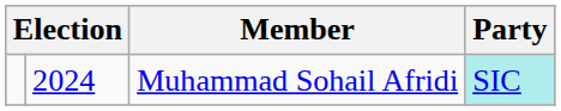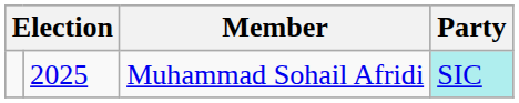 <table class="wikitable">
 <tr>
 <th colspan="2">Election</th>
 <th>Member</th>
 <th>Party</th>
 </tr>
 <tr>
 <td style="background-color: "></td>
-<td><a href='#'>2024</a></td>
+<td><a href='#'>2025</a></td>
 <td><a href='#'>Muhammad Sohail Afridi</a></td>
 <td style="background: paleturquoise;"><a href='#'>SIC</a></td>
 </tr>
 </table>
